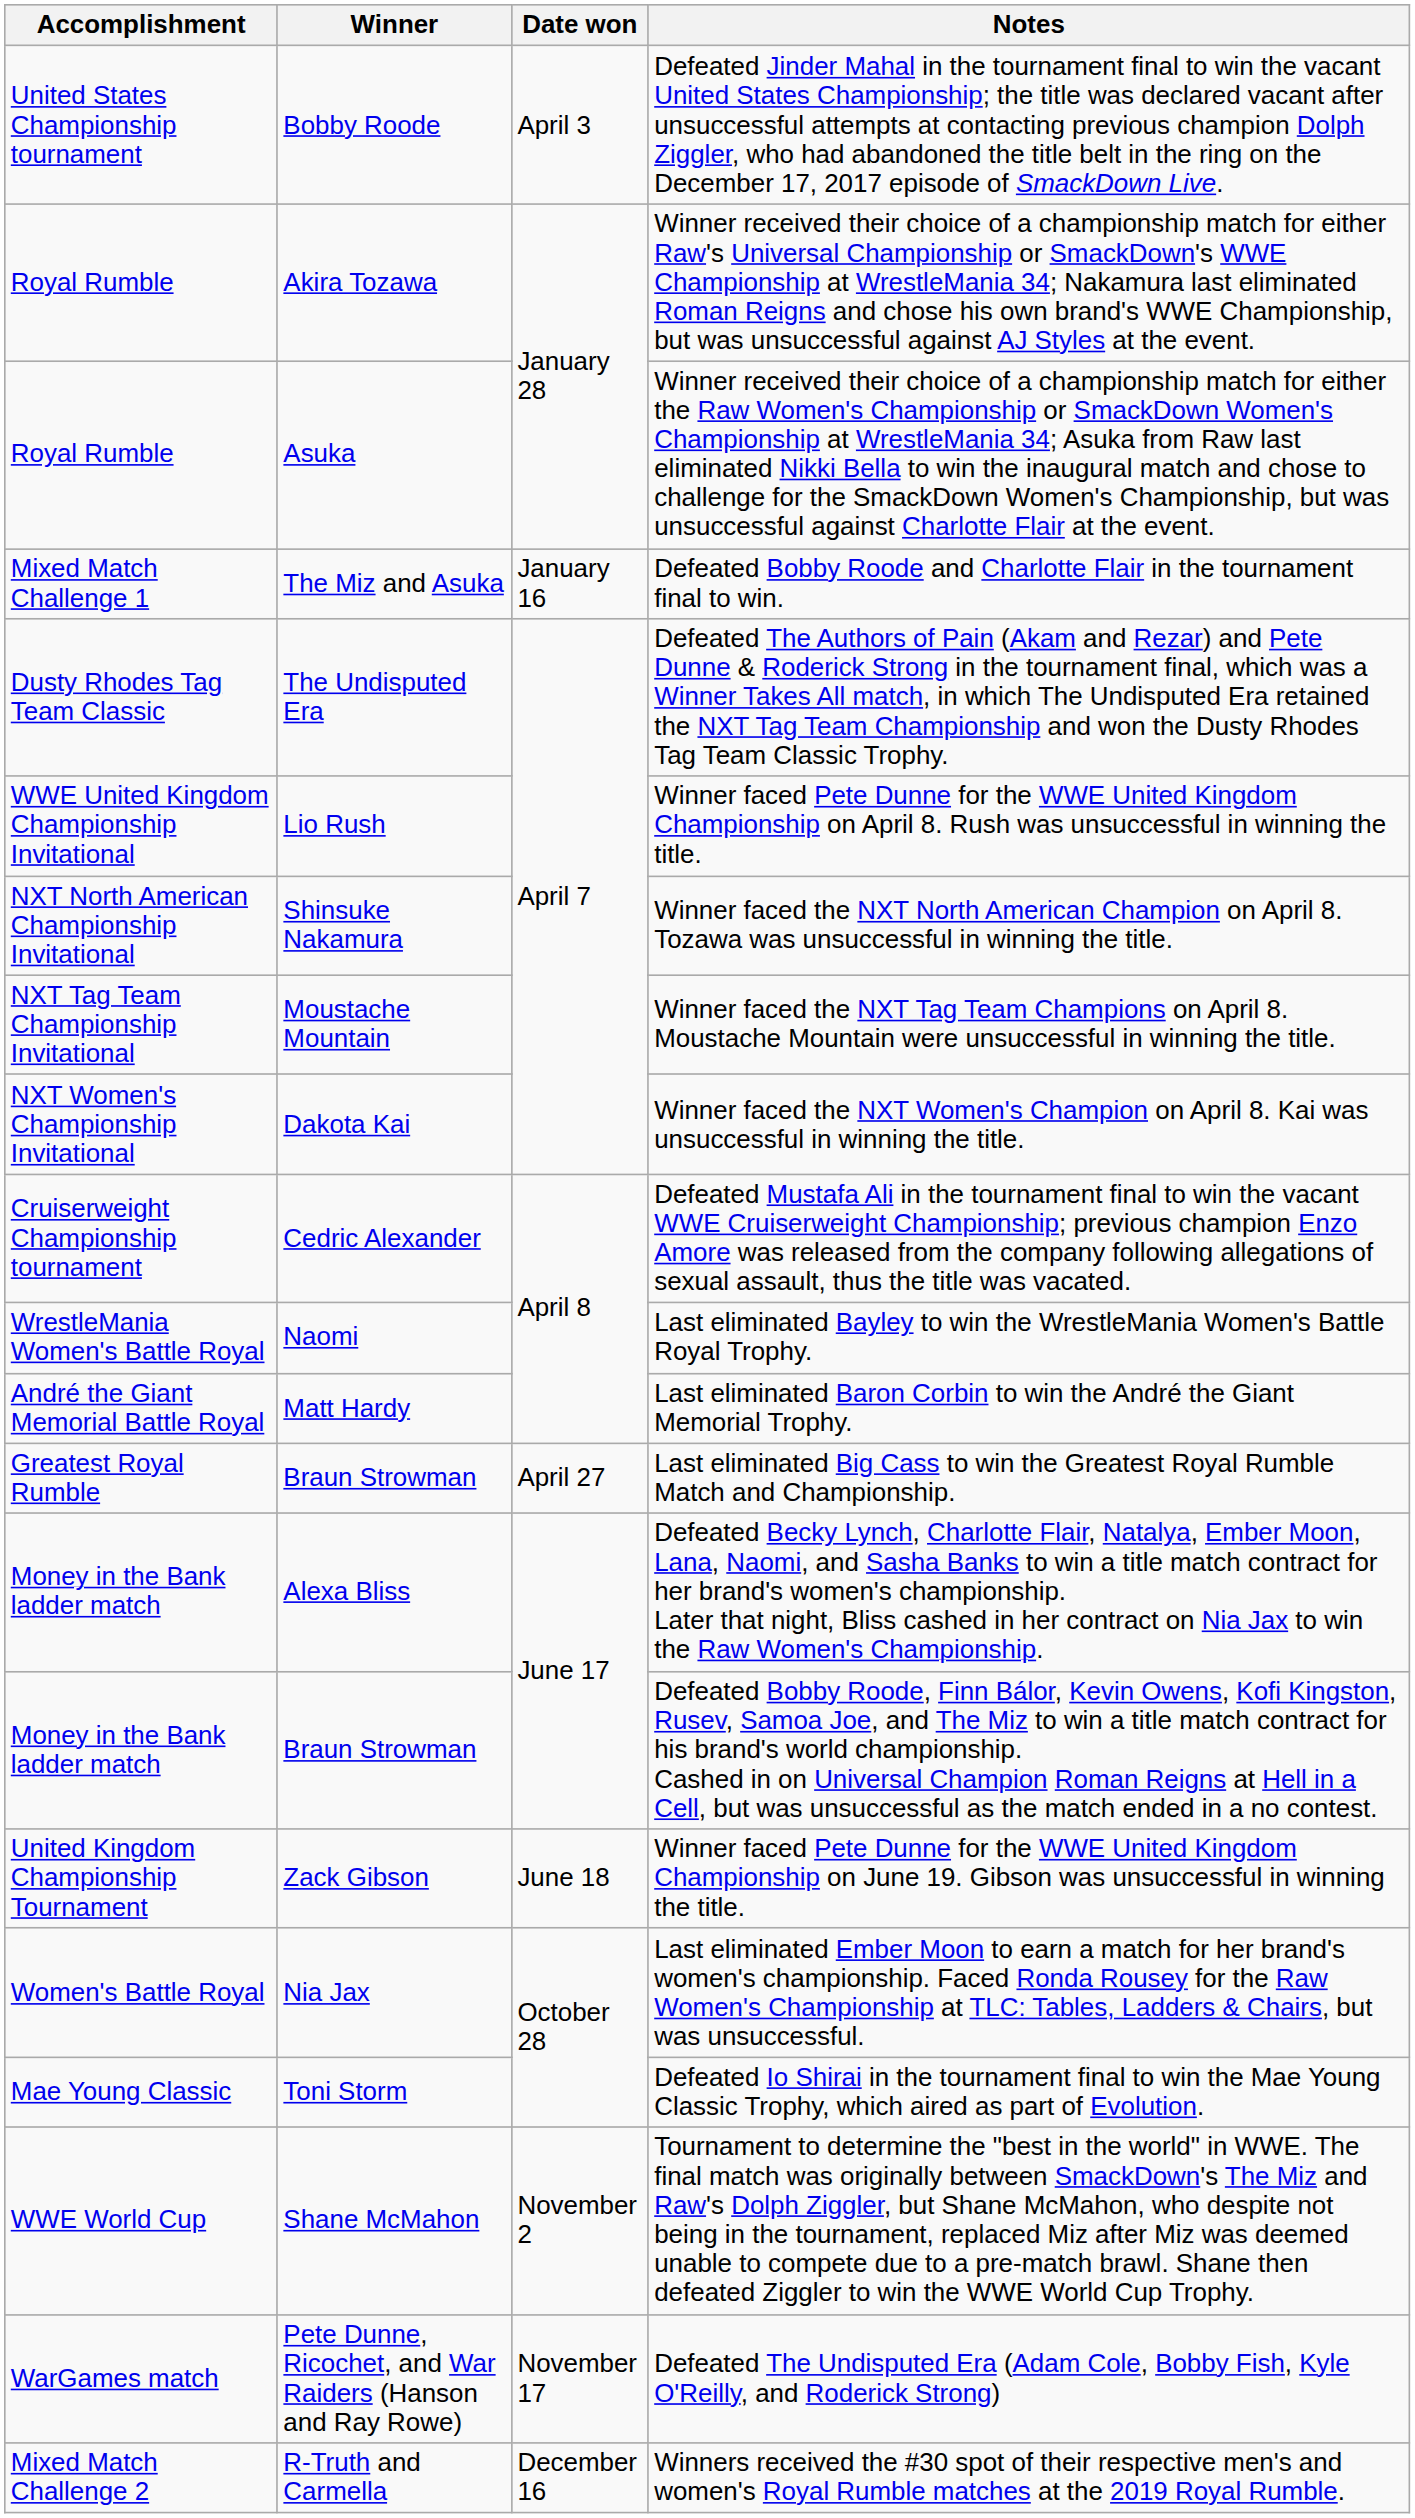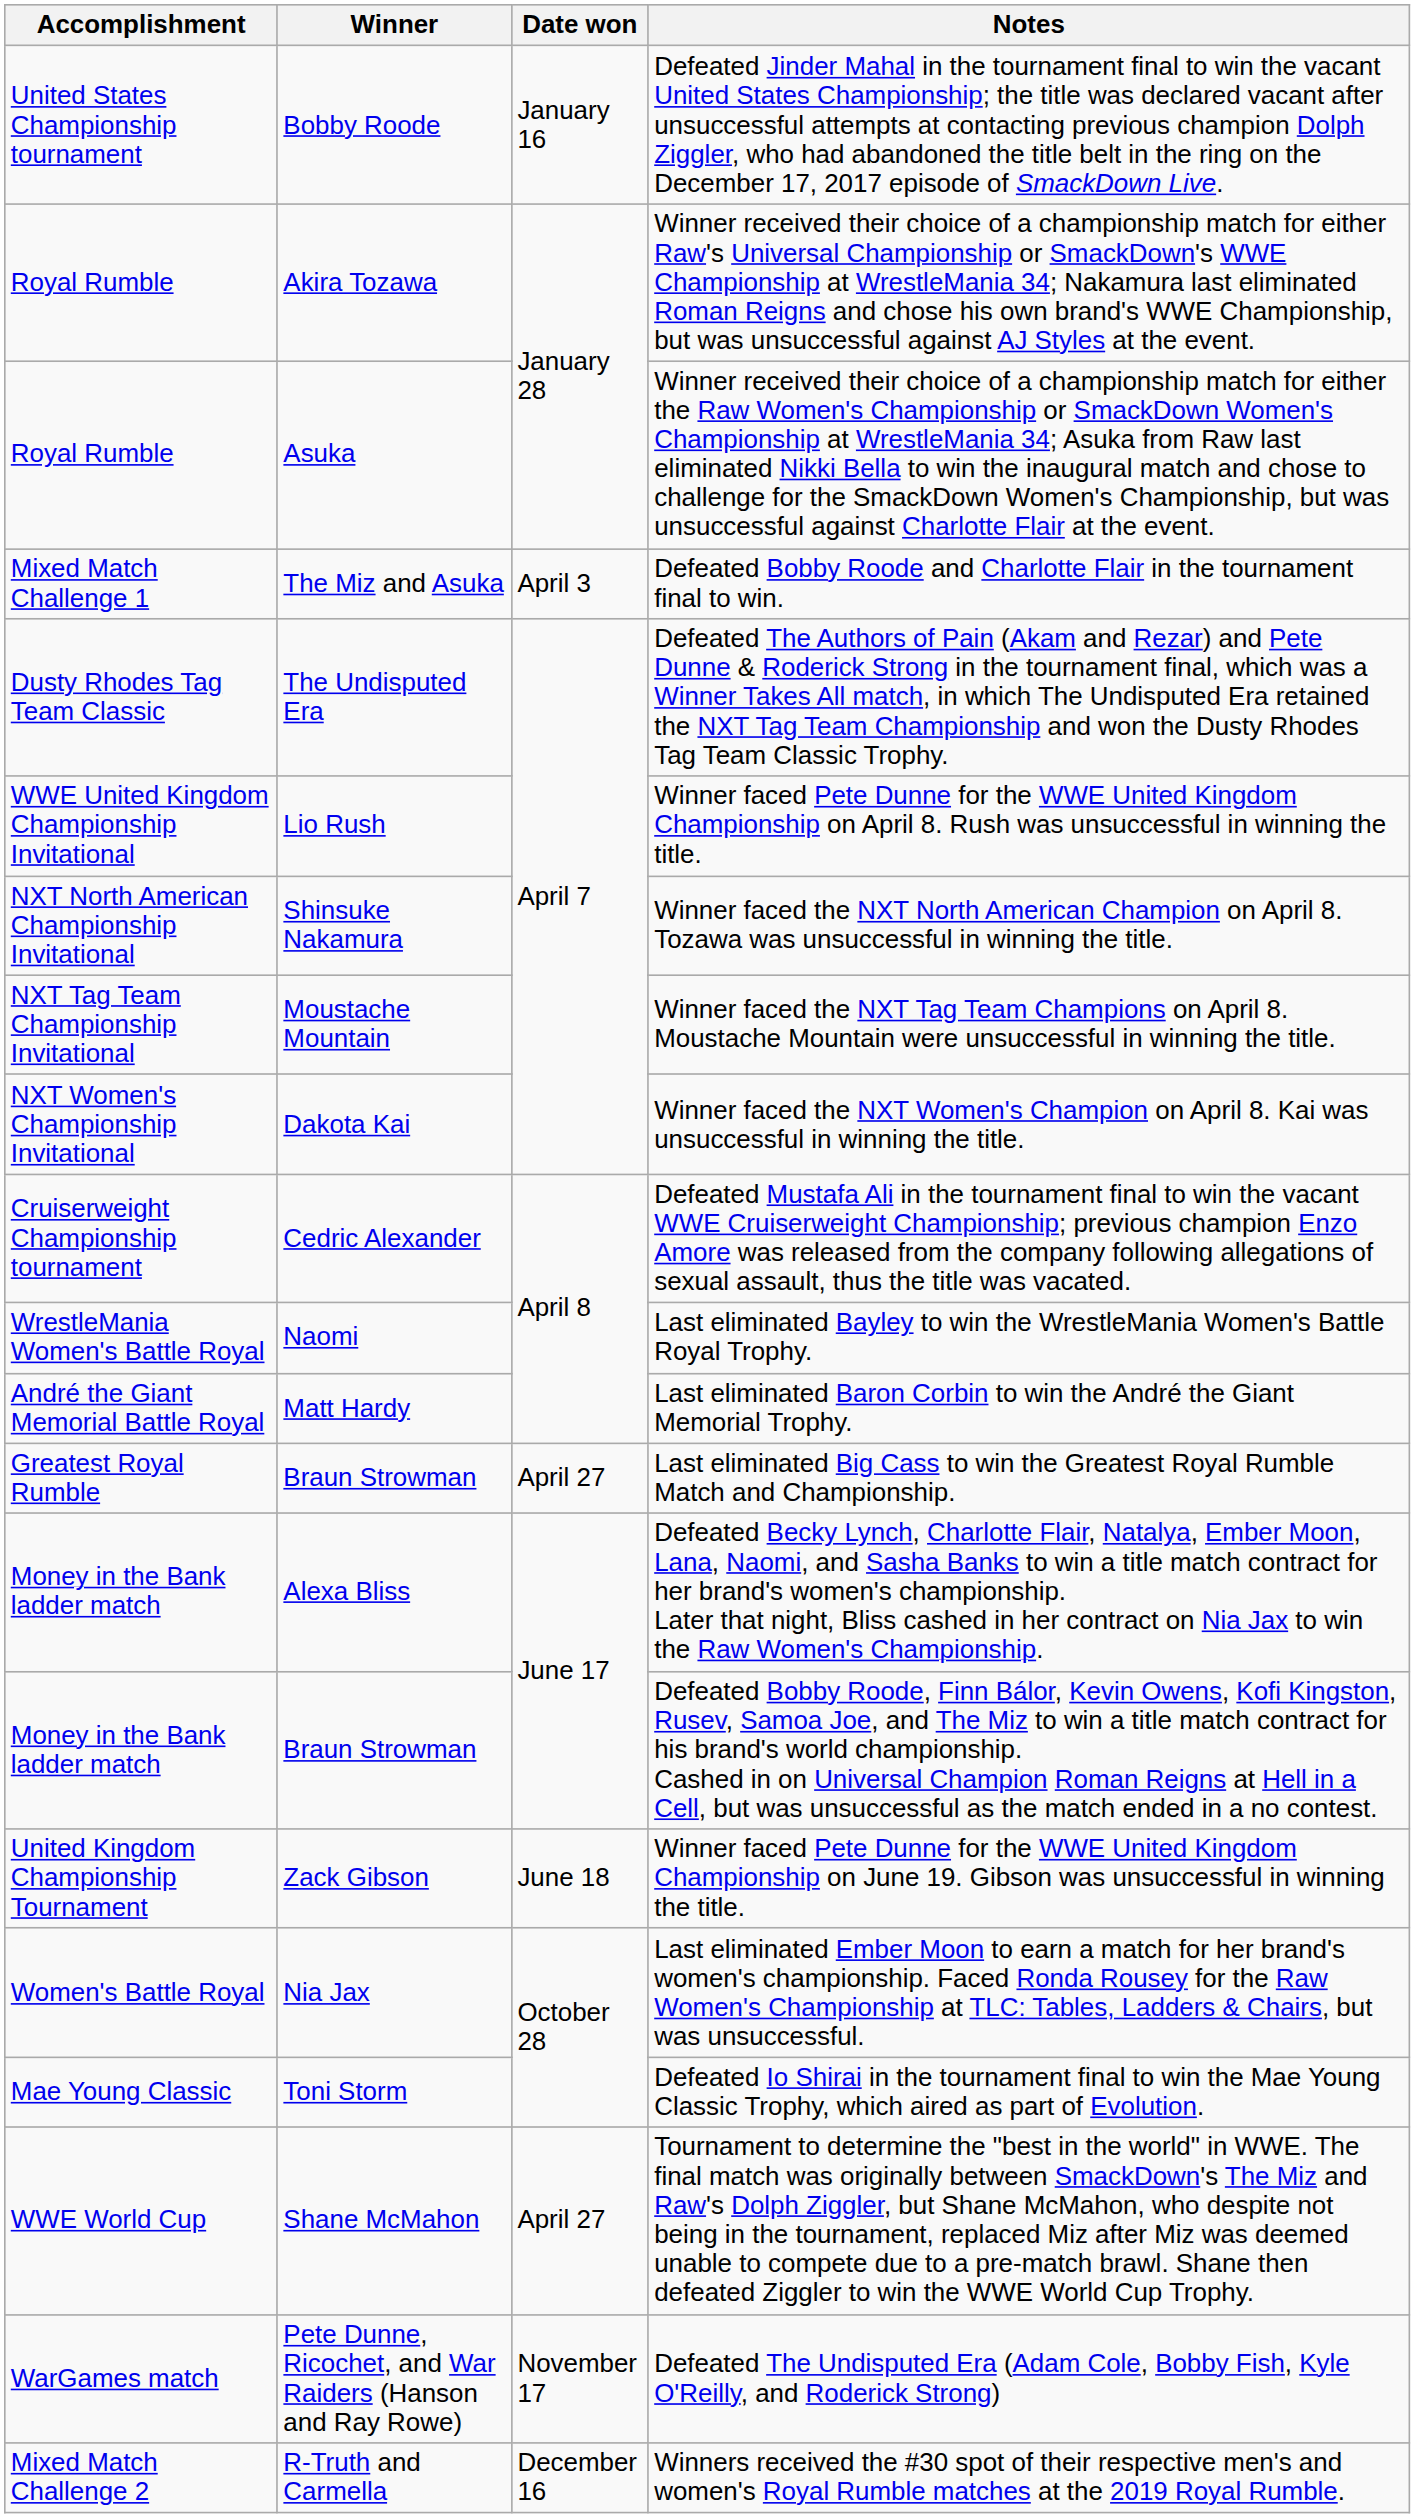 <table class="wikitable">
 <tr>
 <th>Accomplishment</th>
 <th>Winner</th>
 <th>Date won</th>
 <th>Notes</th>
 </tr>
 <tr>
 <td><a href='#'>United States Championship tournament</a></td>
 <td><a href='#'>Bobby Roode</a></td>
-<td>April 3</td>
+<td>January 16</td>
 <td>Defeated <a href='#'>Jinder Mahal</a> in the tournament final to win the vacant <a href='#'>United States Championship</a>; the title was declared vacant after unsuccessful attempts at contacting previous champion <a href='#'>Dolph Ziggler</a>, who had abandoned the title belt in the ring on the December 17, 2017 episode of <em><a href='#'>SmackDown Live</a></em>.</td>
 </tr>
 <tr>
 <td><a href='#'>Royal Rumble</a><br></td>
 <td><a href='#'>Akira Tozawa</a></td>
 <td rowspan="2">January 28</td>
 <td>Winner received their choice of a championship match for either <a href='#'>Raw</a>'s <a href='#'>Universal Championship</a> or <a href='#'>SmackDown</a>'s <a href='#'>WWE Championship</a> at <a href='#'>WrestleMania 34</a>; Nakamura last eliminated <a href='#'>Roman Reigns</a> and chose his own brand's WWE Championship, but was unsuccessful against <a href='#'>AJ Styles</a> at the event.</td>
 </tr>
 <tr>
 <td><a href='#'>Royal Rumble</a><br></td>
 <td><a href='#'>Asuka</a></td>
 <td>Winner received their choice of a championship match for either the <a href='#'>Raw Women's Championship</a> or <a href='#'>SmackDown Women's Championship</a> at <a href='#'>WrestleMania 34</a>; Asuka from Raw last eliminated <a href='#'>Nikki Bella</a> to win the inaugural match and chose to challenge for the SmackDown Women's Championship, but was unsuccessful against <a href='#'>Charlotte Flair</a> at the event.</td>
 </tr>
 <tr>
 <td><a href='#'>Mixed Match Challenge 1</a></td>
 <td><a href='#'>The Miz</a> and <a href='#'>Asuka</a></td>
-<td>January 16</td>
+<td>April 3</td>
 <td>Defeated <a href='#'>Bobby Roode</a> and <a href='#'>Charlotte Flair</a> in the tournament final to win.</td>
 </tr>
 <tr>
 <td><a href='#'>Dusty Rhodes Tag Team Classic</a></td>
 <td><a href='#'>The Undisputed Era</a><br></td>
 <td rowspan="5">April 7</td>
 <td>Defeated <a href='#'>The Authors of Pain</a> (<a href='#'>Akam</a> and <a href='#'>Rezar</a>) and <a href='#'>Pete Dunne</a> & <a href='#'>Roderick Strong</a> in the tournament final, which was a <a href='#'>Winner Takes All match</a>, in which The Undisputed Era retained the <a href='#'>NXT Tag Team Championship</a> and won the Dusty Rhodes Tag Team Classic Trophy.</td>
 </tr>
 <tr>
 <td><a href='#'>WWE United Kingdom Championship Invitational</a></td>
 <td><a href='#'>Lio Rush</a></td>
 <td>Winner faced <a href='#'>Pete Dunne</a> for the <a href='#'>WWE United Kingdom Championship</a> on April 8. Rush was unsuccessful in winning the title.</td>
 </tr>
 <tr>
 <td><a href='#'>NXT North American Championship Invitational</a></td>
 <td><a href='#'>Shinsuke Nakamura</a></td>
 <td>Winner faced the <a href='#'>NXT North American Champion</a> on April 8. Tozawa was unsuccessful in winning the title.</td>
 </tr>
 <tr>
 <td><a href='#'>NXT Tag Team Championship Invitational</a></td>
 <td><a href='#'>Moustache Mountain</a><br></td>
 <td>Winner faced the <a href='#'>NXT Tag Team Champions</a> on April 8. Moustache Mountain were unsuccessful in winning the title.</td>
 </tr>
 <tr>
 <td><a href='#'>NXT Women's Championship Invitational</a></td>
 <td><a href='#'>Dakota Kai</a></td>
 <td>Winner faced the <a href='#'>NXT Women's Champion</a> on April 8. Kai was unsuccessful in winning the title.</td>
 </tr>
 <tr>
 <td><a href='#'>Cruiserweight Championship tournament</a></td>
 <td><a href='#'>Cedric Alexander</a></td>
 <td rowspan="3">April 8</td>
 <td>Defeated <a href='#'>Mustafa Ali</a> in the tournament final to win the vacant <a href='#'>WWE Cruiserweight Championship</a>; previous champion <a href='#'>Enzo Amore</a> was released from the company following allegations of sexual assault, thus the title was vacated.</td>
 </tr>
 <tr>
 <td><a href='#'>WrestleMania Women's Battle Royal</a></td>
 <td><a href='#'>Naomi</a></td>
 <td>Last eliminated <a href='#'>Bayley</a> to win the WrestleMania Women's Battle Royal Trophy.</td>
 </tr>
 <tr>
 <td><a href='#'>André the Giant Memorial Battle Royal</a></td>
 <td><a href='#'>Matt Hardy</a></td>
 <td>Last eliminated <a href='#'>Baron Corbin</a> to win the André the Giant Memorial Trophy.</td>
 </tr>
 <tr>
 <td><a href='#'>Greatest Royal Rumble</a></td>
 <td><a href='#'>Braun Strowman</a></td>
 <td>April 27</td>
 <td>Last eliminated <a href='#'>Big Cass</a> to win the Greatest Royal Rumble Match and Championship.</td>
 </tr>
 <tr>
 <td><a href='#'>Money in the Bank ladder match</a><br></td>
 <td><a href='#'>Alexa Bliss</a></td>
 <td rowspan="2">June 17</td>
 <td>Defeated <a href='#'>Becky Lynch</a>, <a href='#'>Charlotte Flair</a>, <a href='#'>Natalya</a>, <a href='#'>Ember Moon</a>, <a href='#'>Lana</a>, <a href='#'>Naomi</a>, and <a href='#'>Sasha Banks</a> to win a title match contract for her brand's women's championship.<br>Later that night, Bliss cashed in her contract on <a href='#'>Nia Jax</a> to win the <a href='#'>Raw Women's Championship</a>.</td>
 </tr>
 <tr>
 <td><a href='#'>Money in the Bank ladder match</a><br></td>
 <td><a href='#'>Braun Strowman</a></td>
 <td>Defeated <a href='#'>Bobby Roode</a>, <a href='#'>Finn Bálor</a>, <a href='#'>Kevin Owens</a>, <a href='#'>Kofi Kingston</a>, <a href='#'>Rusev</a>, <a href='#'>Samoa Joe</a>, and <a href='#'>The Miz</a> to win a title match contract for his brand's world championship.<br>Cashed in on <a href='#'>Universal Champion</a> <a href='#'>Roman Reigns</a> at <a href='#'>Hell in a Cell</a>, but was unsuccessful as the match ended in a no contest.</td>
 </tr>
 <tr>
 <td><a href='#'>United Kingdom Championship Tournament</a></td>
 <td><a href='#'>Zack Gibson</a></td>
 <td>June 18</td>
 <td>Winner faced <a href='#'>Pete Dunne</a> for the <a href='#'>WWE United Kingdom Championship</a> on June 19. Gibson was unsuccessful in winning the title.</td>
 </tr>
 <tr>
 <td><a href='#'>Women's Battle Royal</a></td>
 <td><a href='#'>Nia Jax</a></td>
 <td rowspan="2">October 28</td>
 <td>Last eliminated <a href='#'>Ember Moon</a> to earn a match for her brand's women's championship. Faced <a href='#'>Ronda Rousey</a> for the <a href='#'>Raw Women's Championship</a> at <a href='#'>TLC: Tables, Ladders & Chairs</a>, but was unsuccessful.</td>
 </tr>
 <tr>
 <td><a href='#'>Mae Young Classic</a></td>
 <td><a href='#'>Toni Storm</a></td>
 <td>Defeated <a href='#'>Io Shirai</a> in the tournament final to win the Mae Young Classic Trophy, which aired as part of <a href='#'>Evolution</a>.</td>
 </tr>
 <tr>
 <td><a href='#'>WWE World Cup</a></td>
 <td><a href='#'>Shane McMahon</a></td>
-<td>November 2</td>
+<td>April 27</td>
 <td>Tournament to determine the "best in the world" in WWE. The final match was originally between <a href='#'>SmackDown</a>'s <a href='#'>The Miz</a> and <a href='#'>Raw</a>'s <a href='#'>Dolph Ziggler</a>, but Shane McMahon, who despite not being in the tournament, replaced Miz after Miz was deemed unable to compete due to a pre-match brawl. Shane then defeated Ziggler to win the WWE World Cup Trophy.</td>
 </tr>
 <tr>
 <td><a href='#'>WarGames match</a></td>
 <td><a href='#'>Pete Dunne</a>, <a href='#'>Ricochet</a>, and <a href='#'>War Raiders</a> (Hanson and Ray Rowe)</td>
 <td>November 17</td>
 <td>Defeated <a href='#'>The Undisputed Era</a> (<a href='#'>Adam Cole</a>, <a href='#'>Bobby Fish</a>, <a href='#'>Kyle O'Reilly</a>, and <a href='#'>Roderick Strong</a>)</td>
 </tr>
 <tr>
 <td><a href='#'>Mixed Match Challenge 2</a></td>
 <td><a href='#'>R-Truth</a> and <a href='#'>Carmella</a></td>
 <td>December 16</td>
 <td>Winners received the #30 spot of their respective men's and women's <a href='#'>Royal Rumble matches</a> at the <a href='#'>2019 Royal Rumble</a>.</td>
 </tr>
 </table>
